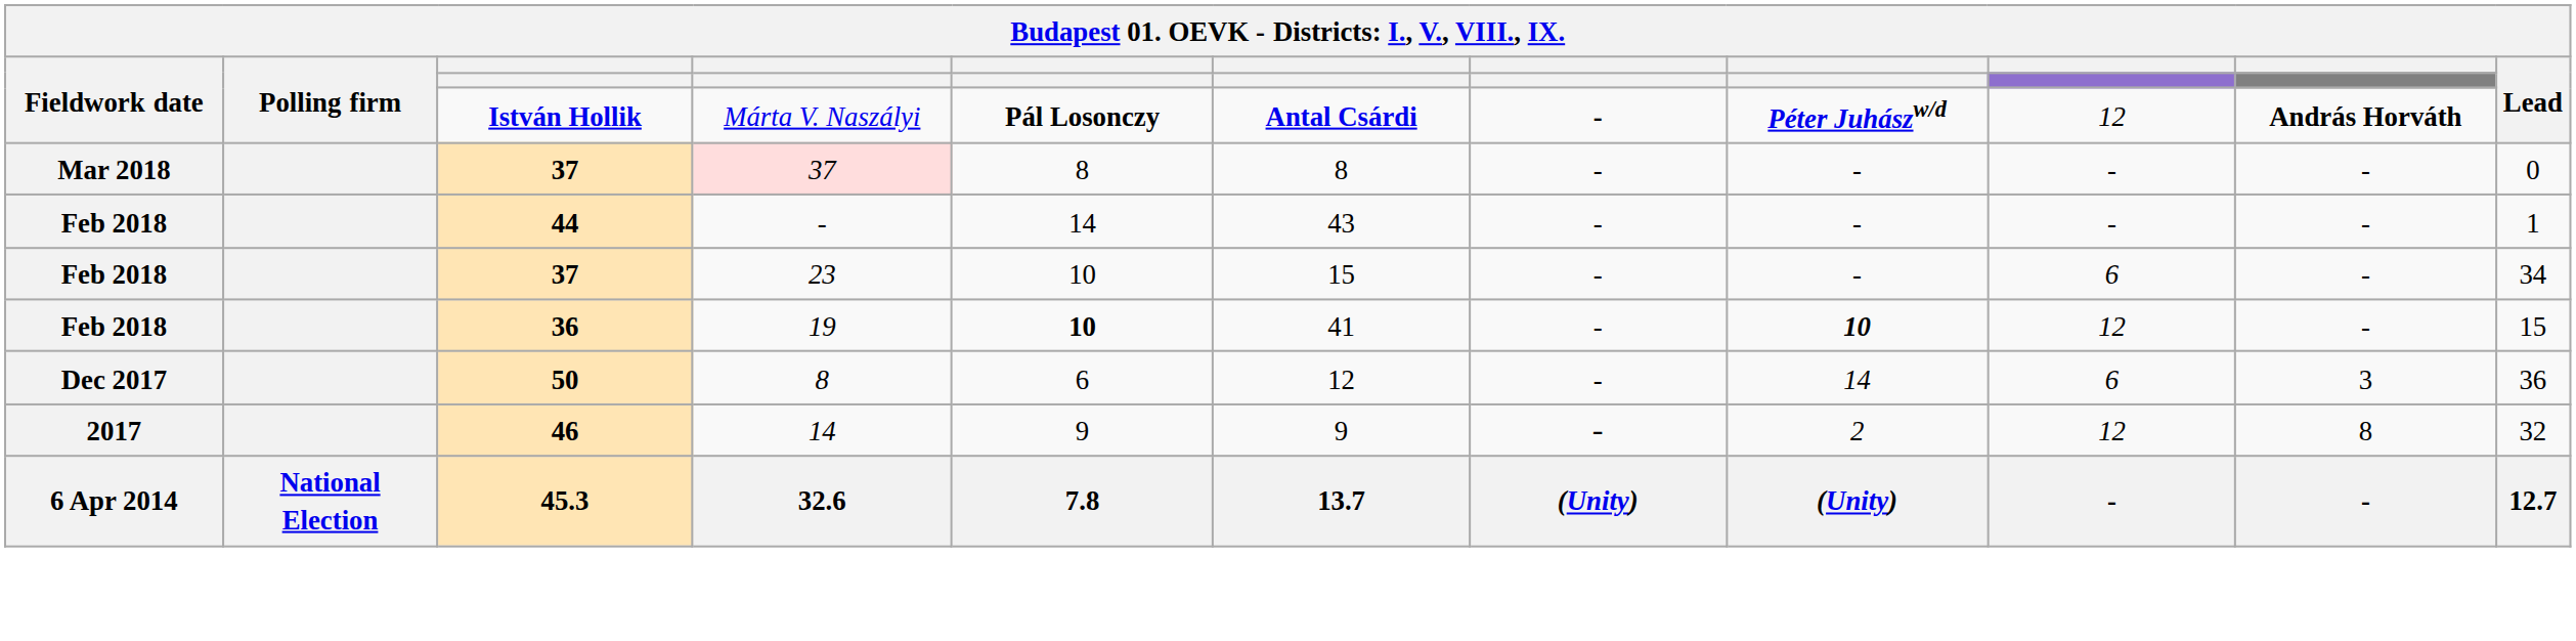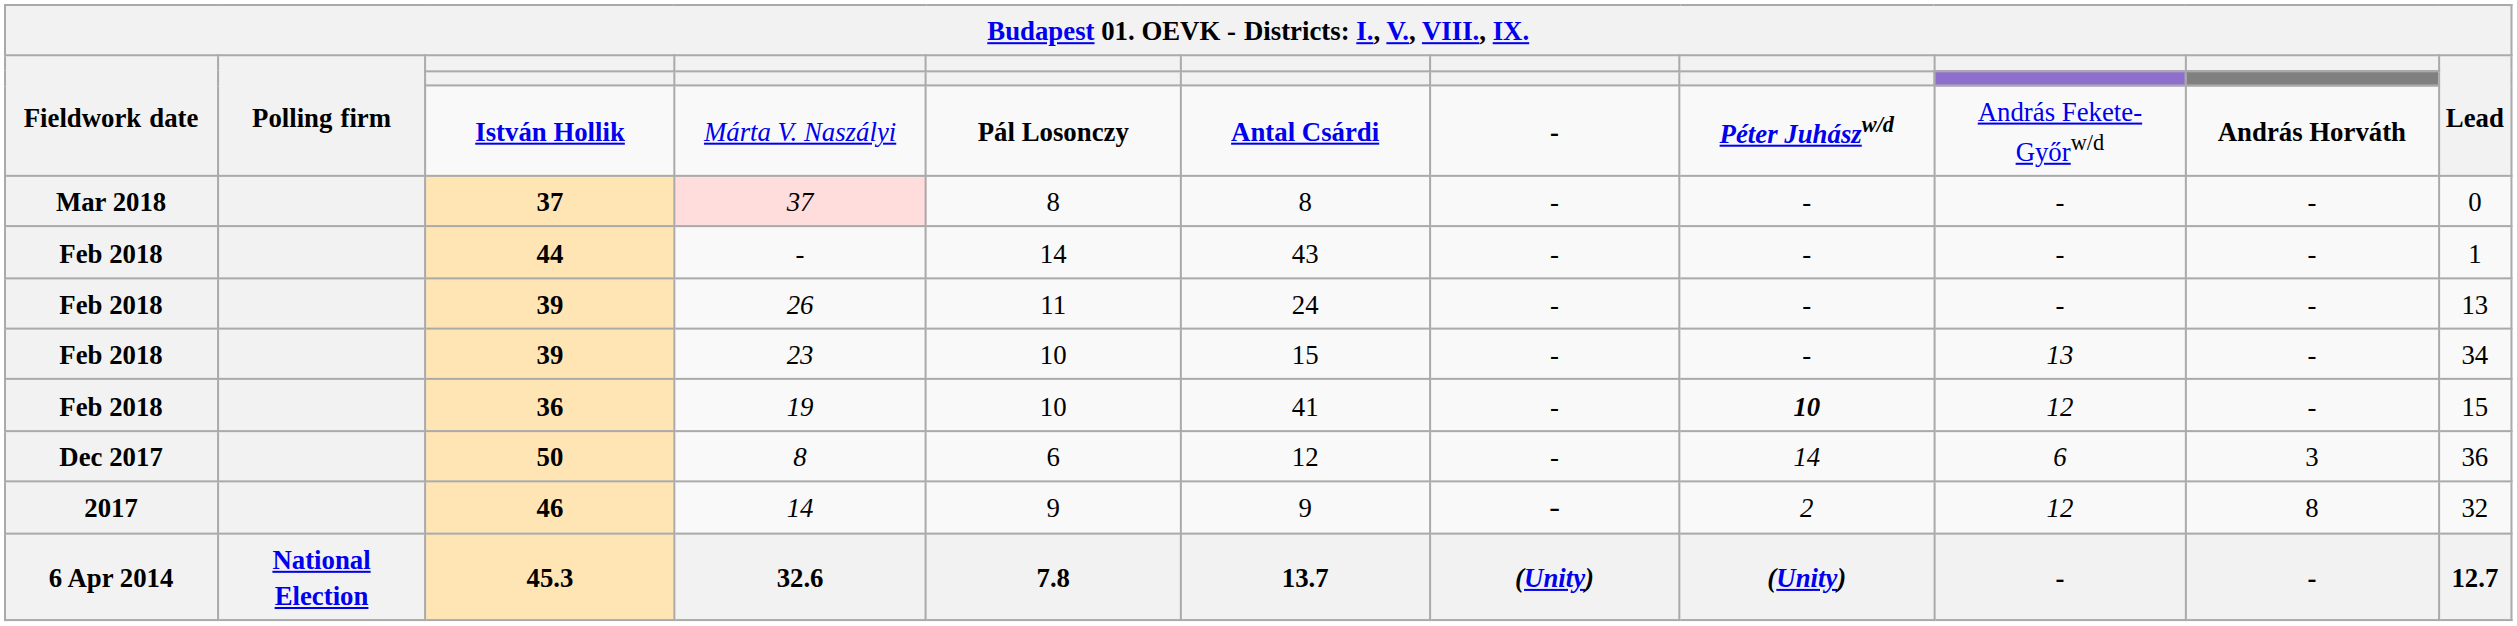 <table class="wikitable mw-collapsible mw-collapsed" style="text-align:center">
 <tr>
 <th colspan="11" style="width: 980pt;"><small><a href='#'>Budapest</a> 01. OEVK -</small> <small>Districts: <a href='#'>I.</a>, <a href='#'>V.</a>, <a href='#'>VIII.</a>, <a href='#'>IX.</a></small></th>
 </tr>
 <tr>
 <th rowspan="3" style="width: 80pt;"><small>Fieldwork</small> <small>date</small></th>
 <th rowspan="3" style="width: 80pt;"><strong><small>Polling</small> <small>firm</small></strong></th>
 <th style="width: 100pt;"><small></small></th>
 <th style="width: 100pt;"><small> </small></th>
 <th style="width: 100pt;"></th>
 <th style="width: 100pt;"></th>
 <th style="width: 100pt;"></th>
 <th style="width: 100pt;"></th>
 <th style="width: 100pt;"></th>
 <th style="width: 100pt;"></th>
 <th rowspan="3" style="width: 20pt;"><small>Lead</small></th>
 </tr>
 <tr>
 <th style="color:inherit;background:"></th>
 <th style="color:inherit;background:"></th>
 <th style="color:inherit;background:"></th>
 <th style="color:inherit;background:"></th>
 <th style="color:inherit;background:"></th>
 <th style="color:inherit;background:"></th>
 <th style="color:inherit;background:#8E6FCE;"></th>
 <th style="color:inherit;background:#808080;"></th>
 </tr>
 <tr>
 <td><small><a href='#'><strong>István Hollik</strong></a></small></td>
 <td><small><em><a href='#'>Márta V. Naszályi</a></em></small></td>
 <td><small><strong>Pál Losonczy</strong></small></td>
 <td><small><a href='#'><strong>Antal Csárdi</strong></a></small></td>
 <td><small><strong>-</strong></small></td>
 <td><strong><small><em><a href='#'>Péter Juhász</a><sup>w/d</sup></em></small></strong></td>
-<td><small><em>12</em></small></td>
+<td><small><a href='#'>András Fekete-Győr</a><sup>w/d</sup></small></td>
 <td><small><strong>András Horváth</strong></small></td>
 </tr>
 <tr>
 <th><small>Mar 2018</small></th>
 <th></th>
 <td style="background:#FFE5B4"><small><strong>37</strong></small></td>
 <td style="background:#FFDDDD"><small><em>37</em></small></td>
 <td><small>8</small></td>
 <td><small>8</small></td>
 <td><small>-</small></td>
 <td><small><em>-</em></small></td>
 <td><small><em>-</em></small></td>
 <td><small>-</small></td>
 <td><small>0</small></td>
 </tr>
 <tr>
 <th><small>Feb 2018</small></th>
 <th> </th>
 <td style="background:#FFE5B4"><strong><small>44</small></strong></td>
 <td><small>-</small></td>
 <td><small>14</small></td>
 <td><small>43</small></td>
 <td><small>-</small></td>
 <td><small><em>-</em></small></td>
 <td><small><em>-</em></small></td>
 <td><small>-</small></td>
 <td style="background:"><small>1</small></td>
 </tr>
 <tr>
 <th><small>Feb 2018</small></th>
 <th> </th>
-<td style="background:#FFE5B4"><strong><small>37</small></strong></td>
+<td style="background:#FFE5B4"><small><strong>39</strong></small></td>
+<td><small><em>26</em></small></td>
+<td><small>11</small></td>
+<td><small>24</small></td>
+<td><small>-</small></td>
+<td><small><em>-</em></small></td>
+<td><small><em>-</em></small></td>
+<td><small>-</small></td>
+<td style="background:"><small>13</small></td>
+</tr>
+<tr>
+<th><small>Feb 2018</small></th>
+<th> </th>
+<td style="background:#FFE5B4"><strong><small>39</small></strong></td>
 <td><small><em>23</em></small></td>
 <td><small>10</small></td>
 <td><small>15</small></td>
 <td><small>-</small></td>
 <td><small><em>-</em></small></td>
-<td><small><em>6</em></small></td>
+<td><small><em>13</em></small></td>
 <td><small>-</small></td>
 <td style="background:"><small>34</small></td>
 </tr>
 <tr>
 <th><small>Feb 2018</small></th>
 <th> </th>
 <td style="background:#FFE5B4"><strong><small>36</small></strong></td>
 <td><small><em>19</em></small></td>
-<td><strong><small>10</small></strong></td>
+<td><small>10</small></td>
 <td><small>41</small></td>
 <td><small>-</small></td>
 <td><strong><small><em>10</em></small></strong></td>
 <td><small><em>12</em></small></td>
 <td><small>-</small></td>
 <td style="background:"><small>15</small></td>
 </tr>
 <tr>
 <th><small>Dec 2017</small></th>
 <th></th>
 <td style="background:#FFE5B4"><strong><small>50</small></strong></td>
 <td><small><em>8</em></small></td>
 <td><small>6</small></td>
 <td><small>12</small></td>
 <td><small>-</small></td>
 <td><small><em>14</em></small></td>
 <td><small><em>6</em></small></td>
 <td><small>3</small></td>
 <td style="background:"><small>36</small></td>
 </tr>
 <tr>
 <th><small>2017</small></th>
 <th></th>
 <td style="background:#FFE5B4"><strong><small>46</small></strong></td>
 <td><small><em>14</em></small></td>
 <td><small>9</small></td>
 <td><small>9</small></td>
 <td>-</td>
 <td><small><em>2</em></small></td>
 <td><small><em>12</em></small></td>
 <td><small>8</small></td>
 <td style="background:"><small>32</small></td>
 </tr>
 <tr>
 <th><small>6 Apr 2014</small></th>
 <th><a href='#'><small>National Election</small></a></th>
 <th style="background:#FFE5B4"><small>45.3</small></th>
 <th><small>32.6</small></th>
 <th><small>7.8</small></th>
 <th><small>13.7</small></th>
 <th><em><small>(<a href='#'>Unity</a>)</small></em></th>
 <th><em><small>(<a href='#'>Unity</a>)</small></em></th>
 <th><small>-</small></th>
 <th><small>-</small></th>
 <th style="background:"><small>12.7</small></th>
 </tr>
 </table>
